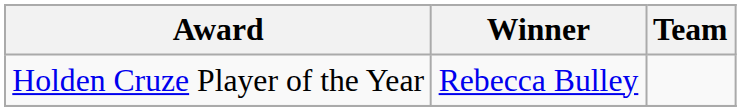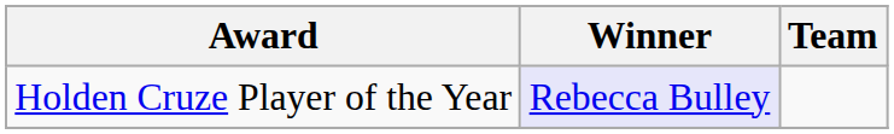 <table class="wikitable collapsible">
 <tr>
 <th>Award</th>
 <th>Winner</th>
 <th>Team</th>
 </tr>
 <tr>
 <td><a href='#'>Holden Cruze</a> Player of the Year</td>
-<td> <a href='#'>Rebecca Bulley</a></td>
+<td style="background: lavender;"> <a href='#'>Rebecca Bulley</a></td>
 <td></td>
 </tr>
 <tr>
 </tr>
 </table>
